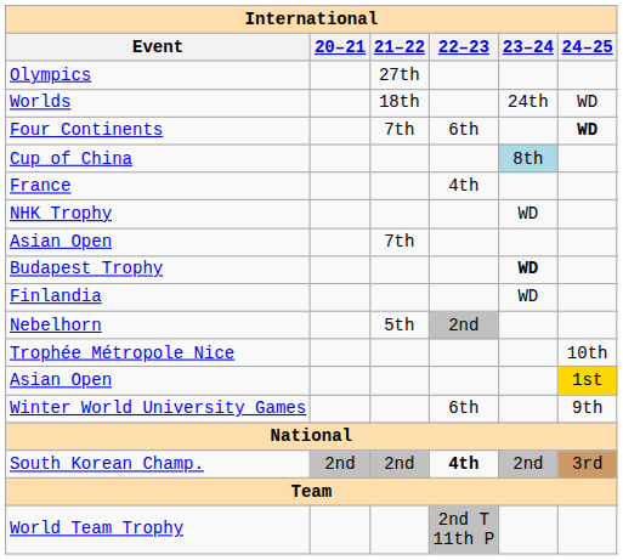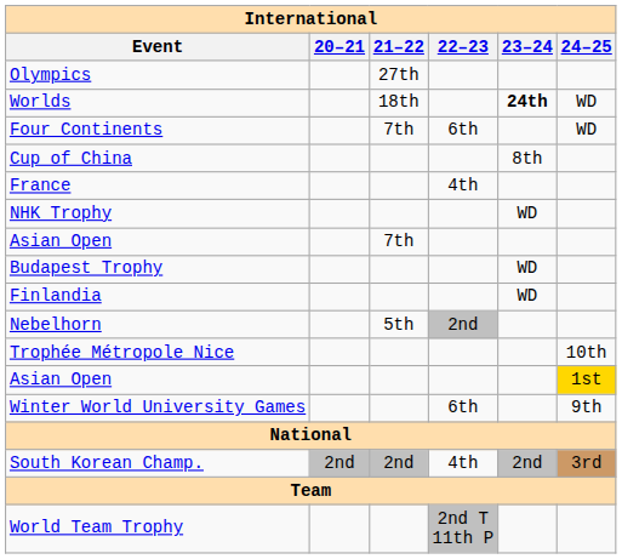 <table class="wikitable" style="text-align:center">
 <tr>
 <th style="background-color: #ffdead; " colspan=6 align=center>International</th>
 </tr>
 <tr>
 <th>Event</th>
 <th><a href='#'>20–21</a></th>
 <th><a href='#'>21–22</a></th>
 <th><a href='#'>22–23</a></th>
 <th><a href='#'>23–24</a></th>
 <th><a href='#'>24–25</a></th>
 </tr>
 <tr>
 <td align=left><a href='#'>Olympics</a></td>
 <td></td>
 <td>27th</td>
 <td></td>
 <td></td>
 <td></td>
 </tr>
 <tr>
 <td align=left><a href='#'>Worlds</a></td>
 <td></td>
 <td>18th</td>
 <td></td>
-<td>24th</td>
+<td><strong>24th</strong></td>
 <td>WD</td>
 </tr>
 <tr>
 <td align=left><a href='#'>Four Continents</a></td>
 <td></td>
 <td>7th</td>
 <td>6th</td>
 <td></td>
-<td><strong>WD</strong></td>
+<td>WD</td>
 </tr>
 <tr>
 <td align=left> <a href='#'>Cup of China</a></td>
 <td></td>
 <td></td>
 <td></td>
-<td style="background: lightblue;">8th</td>
+<td>8th</td>
 <td></td>
 </tr>
 <tr>
 <td align=left> <a href='#'>France</a></td>
 <td></td>
 <td></td>
 <td>4th</td>
 <td></td>
 <td></td>
 </tr>
 <tr>
 <td align=left> <a href='#'>NHK Trophy</a></td>
 <td></td>
 <td></td>
 <td></td>
 <td>WD</td>
 <td></td>
 </tr>
 <tr>
 <td align=left> <a href='#'>Asian Open</a></td>
 <td></td>
 <td>7th</td>
 <td></td>
 <td></td>
 <td></td>
 </tr>
 <tr>
 <td align=left> <a href='#'>Budapest Trophy</a></td>
 <td></td>
 <td></td>
 <td></td>
-<td><strong>WD</strong></td>
+<td>WD</td>
 <td></td>
 </tr>
 <tr>
 <td align=left> <a href='#'>Finlandia</a></td>
 <td></td>
 <td></td>
 <td></td>
 <td>WD</td>
 <td></td>
 </tr>
 <tr>
 <td align=left> <a href='#'>Nebelhorn</a></td>
 <td></td>
 <td>5th</td>
 <td bgcolor=silver>2nd</td>
 <td></td>
 <td></td>
 </tr>
 <tr>
 <td align=left> <a href='#'>Trophée Métropole Nice</a></td>
 <td></td>
 <td></td>
 <td></td>
 <td></td>
 <td>10th</td>
 </tr>
 <tr>
 <td align=left><a href='#'>Asian Open</a></td>
 <td></td>
 <td></td>
 <td></td>
 <td></td>
 <td bgcolor=gold>1st</td>
 </tr>
 <tr>
 <td align=left><a href='#'>Winter World University Games</a></td>
 <td></td>
 <td></td>
 <td>6th</td>
 <td></td>
 <td>9th</td>
 </tr>
 <tr>
 <th style="background-color: #ffdead; " colspan=6 align=center>National</th>
 </tr>
 <tr>
 <td align=left><a href='#'>South Korean Champ.</a></td>
 <td bgcolor=silver>2nd</td>
 <td bgcolor=silver>2nd</td>
-<td><strong>4th</strong></td>
+<td>4th</td>
 <td bgcolor=silver>2nd</td>
 <td bgcolor=cc9966>3rd</td>
 </tr>
 <tr>
 <th style="background-color: #ffdead; " colspan=6 align=center>Team</th>
 </tr>
 <tr>
 <td align=left><a href='#'>World Team Trophy</a></td>
 <td></td>
 <td></td>
 <td bgcolor=silver>2nd T<br>11th P</td>
 <td></td>
 <td></td>
 </tr>
 </table>
